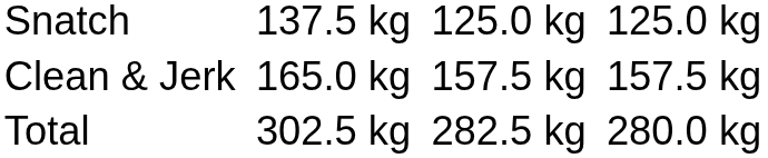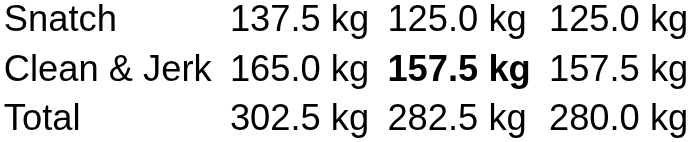 <table>
 <tr>
 <td>Snatch</td>
 <td></td>
 <td>137.5 kg</td>
 <td></td>
 <td>125.0 kg</td>
 <td></td>
 <td>125.0 kg</td>
 </tr>
 <tr>
 <td>Clean & Jerk</td>
 <td></td>
 <td>165.0 kg</td>
 <td></td>
-<td>157.5 kg</td>
+<td><strong>157.5 kg</strong></td>
 <td></td>
 <td>157.5 kg</td>
 </tr>
 <tr>
 <td>Total</td>
 <td></td>
 <td>302.5 kg</td>
 <td></td>
 <td>282.5 kg</td>
 <td></td>
 <td>280.0 kg</td>
 </tr>
 </table>
